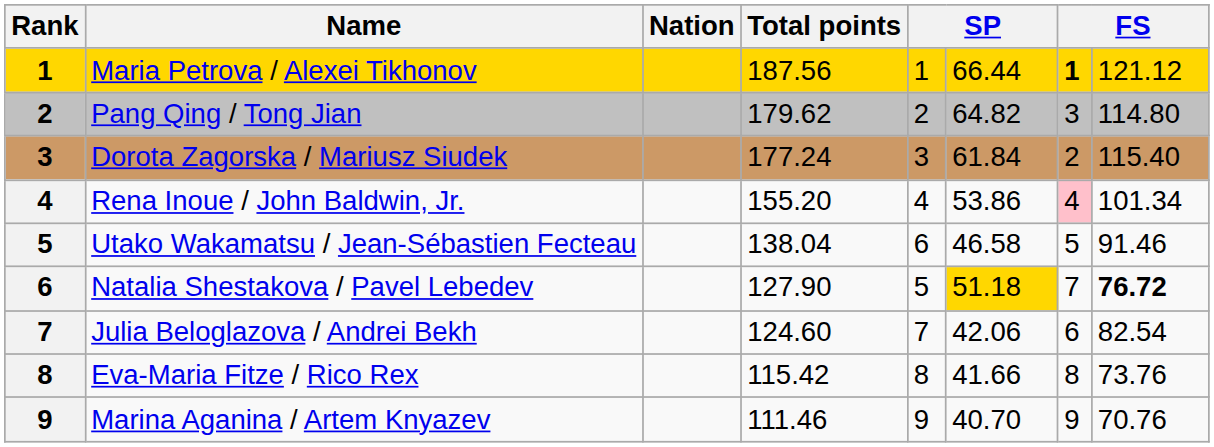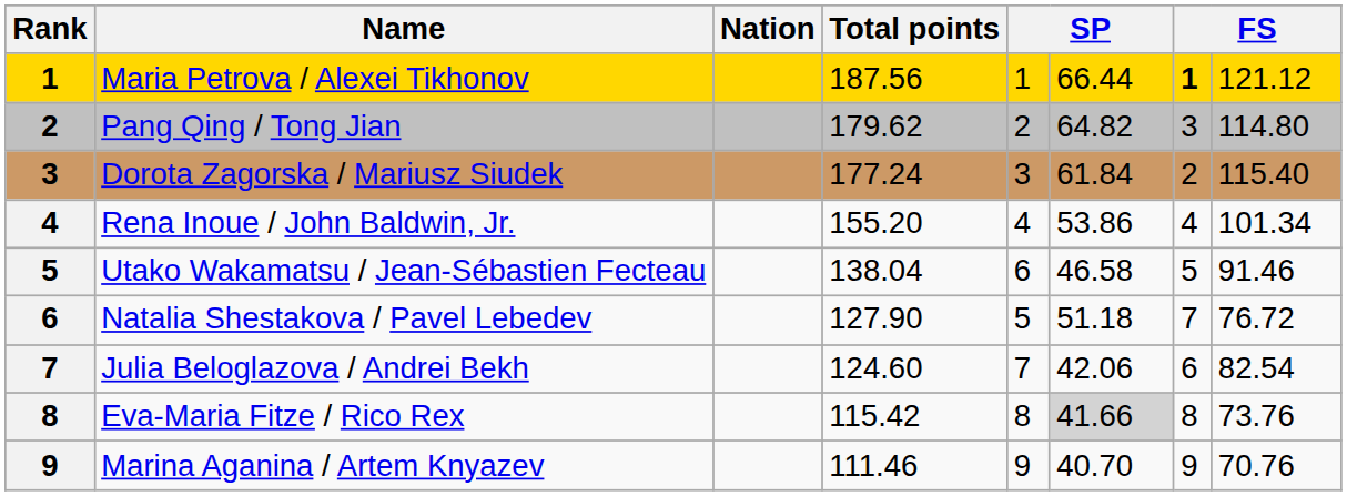 <table class="wikitable">
 <tr>
 <th>Rank</th>
 <th>Name</th>
 <th>Nation</th>
 <th>Total points</th>
 <th colspan="2" width="80px"><a href='#'>SP</a></th>
 <th colspan="2" width="80px"><a href='#'>FS</a></th>
 </tr>
 <tr bgcolor="gold">
 <td align="center"><strong>1</strong></td>
 <td><a href='#'>Maria Petrova</a> / <a href='#'>Alexei Tikhonov</a></td>
 <td></td>
 <td>187.56</td>
 <td>1</td>
 <td>66.44</td>
 <td><strong>1</strong></td>
 <td>121.12</td>
 </tr>
 <tr bgcolor="silver">
 <td align="center"><strong>2</strong></td>
 <td><a href='#'>Pang Qing</a> / <a href='#'>Tong Jian</a></td>
 <td></td>
 <td>179.62</td>
 <td>2</td>
 <td>64.82</td>
 <td>3</td>
 <td>114.80</td>
 </tr>
 <tr bgcolor="cc9966">
 <td align="center"><strong>3</strong></td>
 <td><a href='#'>Dorota Zagorska</a> / <a href='#'>Mariusz Siudek</a></td>
 <td></td>
 <td>177.24</td>
 <td>3</td>
 <td>61.84</td>
 <td>2</td>
 <td>115.40</td>
 </tr>
 <tr>
 <th>4</th>
 <td><a href='#'>Rena Inoue</a> / <a href='#'>John Baldwin, Jr.</a></td>
 <td></td>
 <td>155.20</td>
 <td>4</td>
 <td>53.86</td>
-<td style="background: pink;">4</td>
+<td>4</td>
 <td>101.34</td>
 </tr>
 <tr>
 <th>5</th>
 <td><a href='#'>Utako Wakamatsu</a> / <a href='#'>Jean-Sébastien Fecteau</a></td>
 <td></td>
 <td>138.04</td>
 <td>6</td>
 <td>46.58</td>
 <td>5</td>
 <td>91.46</td>
 </tr>
 <tr>
 <th>6</th>
 <td><a href='#'>Natalia Shestakova</a> / <a href='#'>Pavel Lebedev</a></td>
 <td></td>
 <td>127.90</td>
 <td>5</td>
-<td style="background: gold;">51.18</td>
+<td>51.18</td>
 <td>7</td>
-<td><strong>76.72</strong></td>
+<td>76.72</td>
 </tr>
 <tr>
 <th>7</th>
 <td><a href='#'>Julia Beloglazova</a> / <a href='#'>Andrei Bekh</a></td>
 <td></td>
 <td>124.60</td>
 <td>7</td>
 <td>42.06</td>
 <td>6</td>
 <td>82.54</td>
 </tr>
 <tr>
 <th>8</th>
 <td><a href='#'>Eva-Maria Fitze</a> / <a href='#'>Rico Rex</a></td>
 <td></td>
 <td>115.42</td>
 <td>8</td>
-<td>41.66</td>
+<td style="background: lightgrey;">41.66</td>
 <td>8</td>
 <td>73.76</td>
 </tr>
 <tr>
 <th>9</th>
 <td><a href='#'>Marina Aganina</a> / <a href='#'>Artem Knyazev</a></td>
 <td></td>
 <td>111.46</td>
 <td>9</td>
 <td>40.70</td>
 <td>9</td>
 <td>70.76</td>
 </tr>
 </table>
